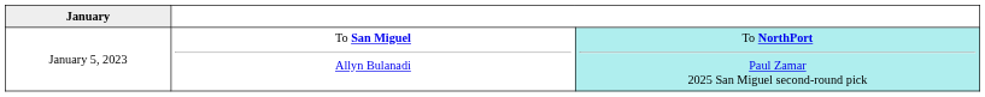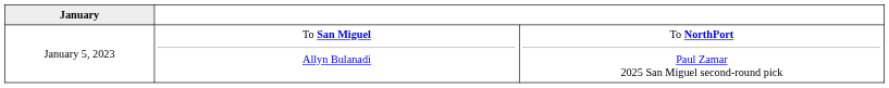 <table border=1 style="border-collapse:collapse; text-align: center; width: 100%" bordercolor="#000000"  cellpadding="5">
 <tr bgcolor="eeeeee">
 <th>January</th>
 </tr>
 <tr>
 <td style="width:12%">January 5, 2023</td>
 <td style="width:29.3%" valign="top">To <strong><a href='#'>San Miguel</a></strong><hr><a href='#'>Allyn Bulanadi</a></td>
-<td style="background: paleturquoise; width:29.3%" valign="top">To <strong><a href='#'>NorthPort</a></strong><hr><a href='#'>Paul Zamar</a><br>2025 San Miguel second-round pick</td>
+<td style="width:29.3%" valign="top">To <strong><a href='#'>NorthPort</a></strong><hr><a href='#'>Paul Zamar</a><br>2025 San Miguel second-round pick</td>
 </tr>
 </table>
